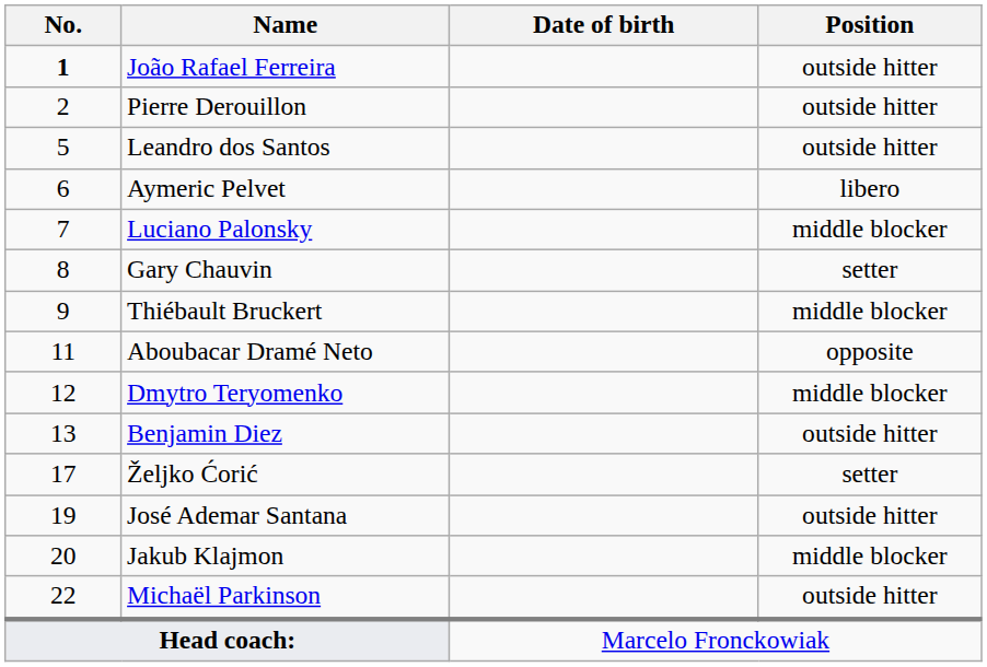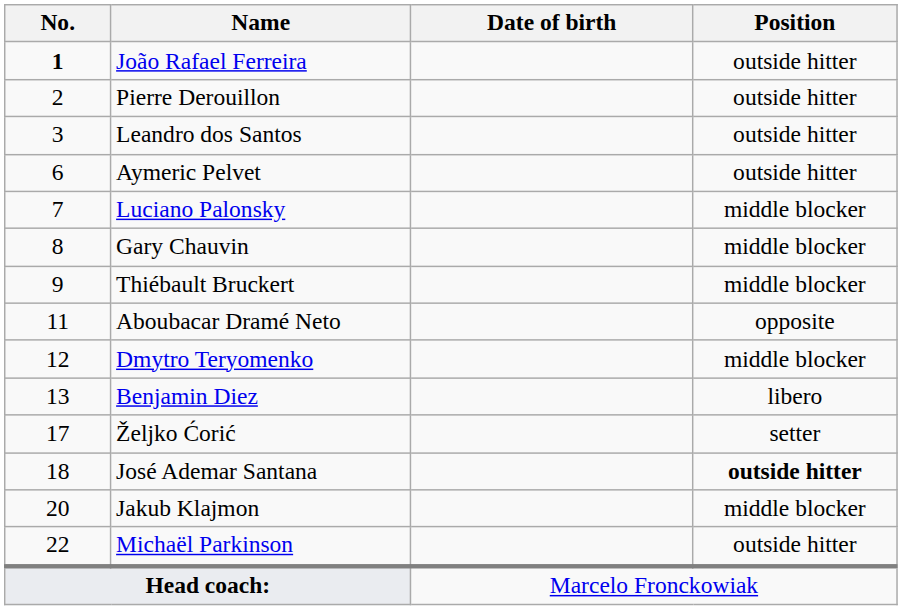 <table class="wikitable sortable" style="font-size:100%; text-align:center;">
 <tr>
 <th style="width:5em">No.</th>
 <th style="width:15em">Name</th>
 <th style="width:15em">Date of birth</th>
 <th style="width:10em">Position</th>
 </tr>
 <tr>
 <td><strong>1</strong></td>
 <td align=left> <a href='#'>João Rafael Ferreira</a></td>
 <td align=right></td>
 <td>outside hitter</td>
 </tr>
 <tr>
 <td>2</td>
 <td align=left> Pierre Derouillon</td>
 <td align=right></td>
 <td>outside hitter</td>
 </tr>
 <tr>
-<td>5</td>
+<td>3</td>
 <td align=left> Leandro dos Santos</td>
 <td align=right></td>
 <td>outside hitter</td>
 </tr>
 <tr>
 <td>6</td>
 <td align=left> Aymeric Pelvet</td>
 <td align=right></td>
-<td>libero</td>
+<td>outside hitter</td>
 </tr>
 <tr>
 <td>7</td>
 <td align=left> <a href='#'>Luciano Palonsky</a></td>
 <td align=right></td>
 <td>middle blocker</td>
 </tr>
 <tr>
 <td>8</td>
 <td align=left> Gary Chauvin</td>
 <td align=right></td>
-<td>setter</td>
+<td>middle blocker</td>
 </tr>
 <tr>
 <td>9</td>
 <td align=left> Thiébault Bruckert</td>
 <td align=right></td>
 <td>middle blocker</td>
 </tr>
 <tr>
 <td>11</td>
 <td align=left> Aboubacar Dramé Neto</td>
 <td align=right></td>
 <td>opposite</td>
 </tr>
 <tr>
 <td>12</td>
 <td align=left> <a href='#'>Dmytro Teryomenko</a></td>
 <td align=right></td>
 <td>middle blocker</td>
 </tr>
 <tr>
 <td>13</td>
 <td align=left> <a href='#'>Benjamin Diez</a></td>
 <td align=right></td>
-<td>outside hitter</td>
+<td>libero</td>
 </tr>
 <tr>
 <td>17</td>
 <td align=left> Željko Ćorić</td>
 <td align=right></td>
 <td>setter</td>
 </tr>
 <tr>
-<td>19</td>
+<td>18</td>
 <td align=left> José Ademar Santana</td>
 <td align=right></td>
-<td>outside hitter</td>
+<td><strong>outside hitter</strong></td>
 </tr>
 <tr>
 <td>20</td>
 <td align=left> Jakub Klajmon</td>
 <td align=right></td>
 <td>middle blocker</td>
 </tr>
 <tr>
 <td>22</td>
 <td align=left> <a href='#'>Michaël Parkinson</a></td>
 <td align=right></td>
 <td>outside hitter</td>
 </tr>
 <tr class="sortbottom" style="border-top: 3px solid grey">
 <td colspan=2 style="background:#EAECF0"><strong>Head coach:</strong></td>
 <td colspan=3> <a href='#'>Marcelo Fronckowiak</a></td>
 </tr>
 </table>
